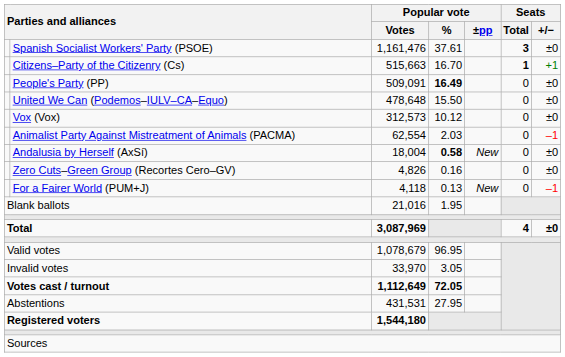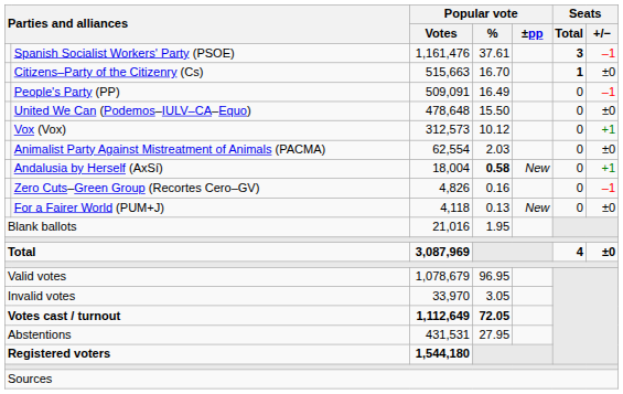 <table class="wikitable" style="text-align:right;">
 <tr>
 <th style="text-align:left;" rowspan="2" colspan="2" width="525">Parties and alliances</th>
 <th colspan="3">Popular vote</th>
 <th colspan="2">Seats</th>
 </tr>
 <tr>
 <th width="75">Votes</th>
 <th width="45">%</th>
 <th width="45">±<a href='#'>pp</a></th>
 <th width="35">Total</th>
 <th width="35">+/−</th>
 </tr>
 <tr>
 <td width="1" style="color:inherit;background:"></td>
 <td align="left"><a href='#'>Spanish Socialist Workers' Party</a> (PSOE)</td>
 <td>1,161,476</td>
 <td>37.61</td>
 <td></td>
 <td><strong>3</strong></td>
-<td>±0</td>
+<td style="color:red;">–1</td>
 </tr>
 <tr>
 <td style="color:inherit;background:"></td>
 <td align="left"><a href='#'>Citizens–Party of the Citizenry</a> (Cs)</td>
 <td>515,663</td>
 <td>16.70</td>
 <td></td>
 <td><strong>1</strong></td>
-<td style="color:green;">+1</td>
+<td>±0</td>
 </tr>
 <tr>
 <td style="color:inherit;background:"></td>
 <td align="left"><a href='#'>People's Party</a> (PP)</td>
 <td>509,091</td>
-<td><strong>16.49</strong></td>
+<td>16.49</td>
 <td></td>
 <td>0</td>
-<td>±0</td>
+<td style="color:red;">–1</td>
 </tr>
 <tr>
 <td style="color:inherit;background:"></td>
 <td align="left"><a href='#'>United We Can</a> (<a href='#'>Podemos</a>–<a href='#'>IULV–CA</a>–<a href='#'>Equo</a>)</td>
 <td>478,648</td>
 <td>15.50</td>
 <td></td>
 <td>0</td>
 <td>±0</td>
 </tr>
 <tr>
 <td style="color:inherit;background:"></td>
 <td align="left"><a href='#'>Vox</a> (Vox)</td>
 <td>312,573</td>
 <td>10.12</td>
 <td></td>
 <td>0</td>
-<td>±0</td>
+<td style="color:green;">+1</td>
 </tr>
 <tr>
 <td style="color:inherit;background:"></td>
 <td align="left"><a href='#'>Animalist Party Against Mistreatment of Animals</a> (PACMA)</td>
 <td>62,554</td>
 <td>2.03</td>
 <td></td>
 <td>0</td>
-<td style="color:red;">–1</td>
+<td>±0</td>
 </tr>
 <tr>
 <td style="color:inherit;background:"></td>
 <td align="left"><a href='#'>Andalusia by Herself</a> (AxSí)</td>
 <td>18,004</td>
 <td><strong>0.58</strong></td>
 <td><em>New</em></td>
 <td>0</td>
-<td>±0</td>
+<td style="color:green;">+1</td>
 </tr>
 <tr>
 <td style="color:inherit;background:"></td>
 <td align="left"><a href='#'>Zero Cuts</a>–<a href='#'>Green Group</a> (Recortes Cero–GV)</td>
 <td>4,826</td>
 <td>0.16</td>
 <td></td>
 <td>0</td>
-<td>±0</td>
+<td style="color:red;">–1</td>
 </tr>
 <tr>
 <td style="color:inherit;background:"></td>
 <td align="left"><a href='#'>For a Fairer World</a> (PUM+J)</td>
 <td>4,118</td>
 <td>0.13</td>
 <td><em>New</em></td>
 <td>0</td>
-<td style="color:red;">–1</td>
+<td>±0</td>
 </tr>
 <tr>
 <td align="left" colspan="2">Blank ballots</td>
 <td>21,016</td>
 <td>1.95</td>
 <td></td>
 <td bgcolor="#E9E9E9" colspan="2"></td>
 </tr>
 <tr>
 <td colspan="7" bgcolor="#E9E9E9"></td>
 </tr>
 <tr style="font-weight:bold;">
 <td align="left" colspan="2">Total</td>
 <td>3,087,969</td>
 <td bgcolor="#E9E9E9" colspan="2"></td>
 <td>4</td>
 <td>±0</td>
 </tr>
 <tr>
 <td colspan="7" bgcolor="#E9E9E9"></td>
 </tr>
 <tr>
 <td align="left" colspan="2">Valid votes</td>
 <td>1,078,679</td>
 <td>96.95</td>
 <td></td>
 <td bgcolor="#E9E9E9" colspan="2" rowspan="5"></td>
 </tr>
 <tr>
 <td align="left" colspan="2">Invalid votes</td>
 <td>33,970</td>
 <td>3.05</td>
 <td></td>
 </tr>
 <tr style="font-weight:bold;">
 <td align="left" colspan="2">Votes cast / turnout</td>
 <td>1,112,649</td>
 <td>72.05</td>
 <td></td>
 </tr>
 <tr>
 <td align="left" colspan="2">Abstentions</td>
 <td>431,531</td>
 <td>27.95</td>
 <td></td>
 </tr>
 <tr style="font-weight:bold;">
 <td align="left" colspan="2">Registered voters</td>
 <td>1,544,180</td>
 <td bgcolor="#E9E9E9" colspan="2"></td>
 </tr>
 <tr>
 <td colspan="7" bgcolor="#E9E9E9"></td>
 </tr>
 <tr>
 <td align="left" colspan="7">Sources</td>
 </tr>
 </table>
